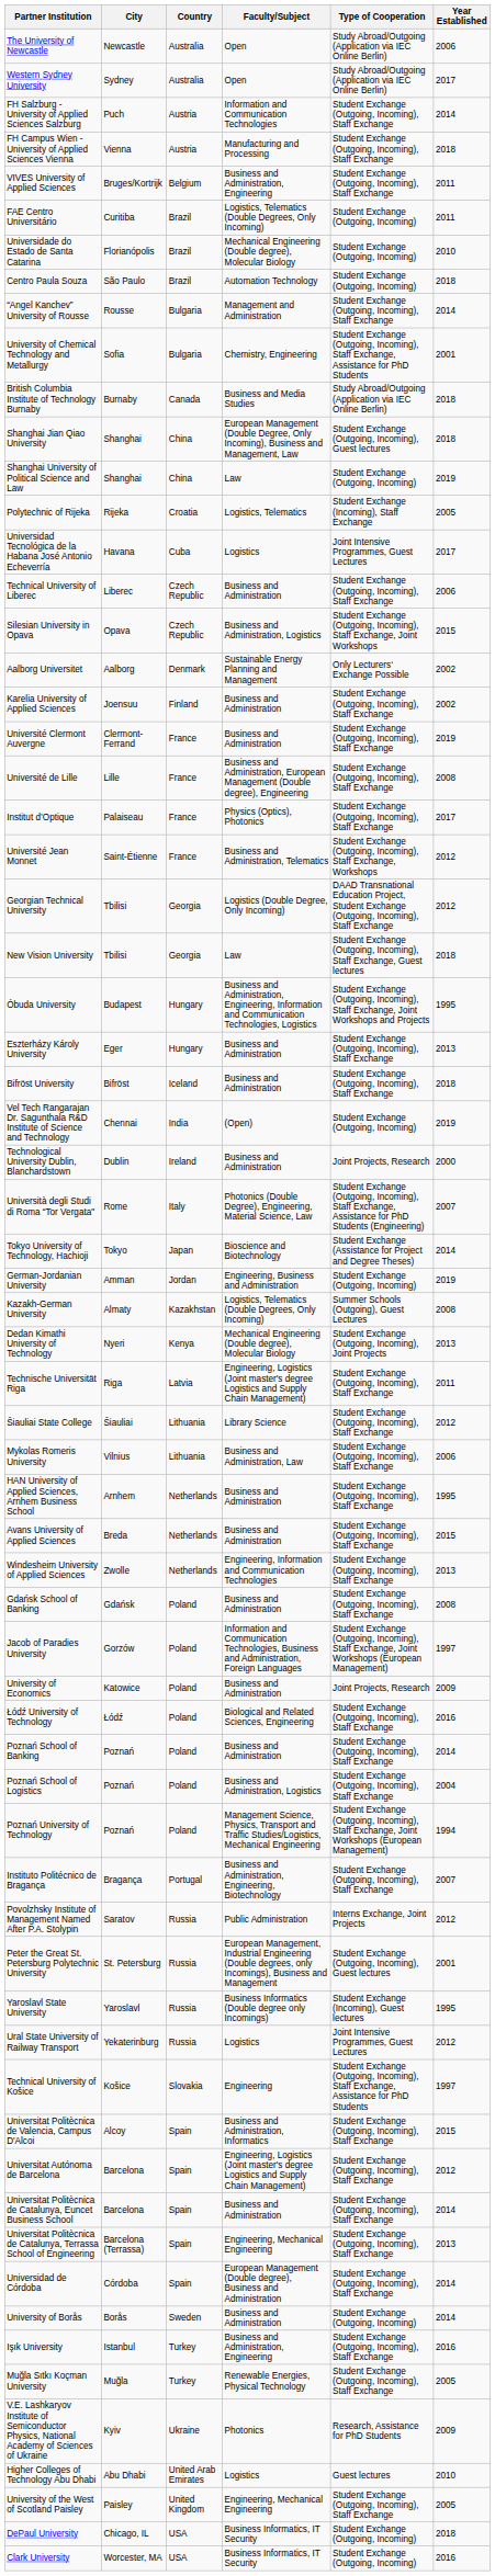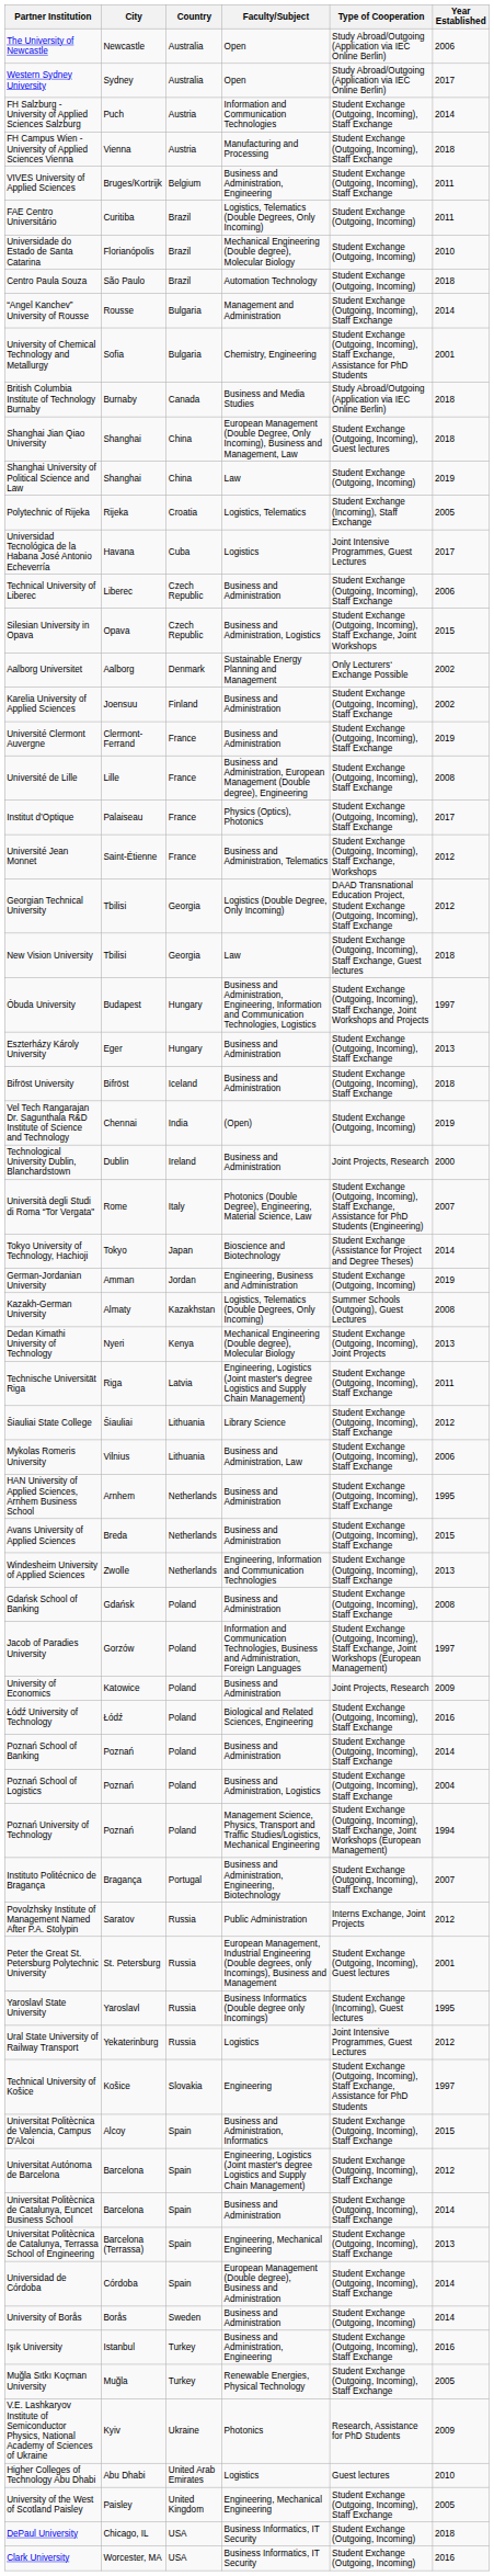 <table class="wikitable sortable">
 <tr>
 <th>Partner Institution</th>
 <th>City</th>
 <th>Country</th>
 <th>Faculty/Subject</th>
 <th>Type of Cooperation</th>
 <th>Year Established</th>
 </tr>
 <tr>
 <td><a href='#'>The University of Newcastle</a></td>
 <td>Newcastle</td>
 <td>Australia</td>
 <td>Open</td>
 <td>Study Abroad/Outgoing (Application via IEC Online Berlin)</td>
 <td>2006</td>
 </tr>
 <tr>
 <td><a href='#'>Western Sydney University</a></td>
 <td>Sydney</td>
 <td>Australia</td>
 <td>Open</td>
 <td>Study Abroad/Outgoing (Application via IEC Online Berlin)</td>
 <td>2017</td>
 </tr>
 <tr>
 <td>FH Salzburg - University of Applied Sciences Salzburg</td>
 <td>Puch</td>
 <td>Austria</td>
 <td>Information and Communication Technologies</td>
 <td>Student Exchange (Outgoing, Incoming), Staff Exchange</td>
 <td>2014</td>
 </tr>
 <tr>
 <td>FH Campus Wien - University of Applied Sciences Vienna</td>
 <td>Vienna</td>
 <td>Austria</td>
 <td>Manufacturing and Processing</td>
 <td>Student Exchange (Outgoing, Incoming), Staff Exchange</td>
 <td>2018</td>
 </tr>
 <tr>
 <td>VIVES University of Applied Sciences</td>
 <td>Bruges/Kortrijk</td>
 <td>Belgium</td>
 <td>Business and Administration, Engineering</td>
 <td>Student Exchange (Outgoing, Incoming), Staff Exchange</td>
 <td>2011</td>
 </tr>
 <tr>
 <td>FAE Centro Universitário</td>
 <td>Curitiba</td>
 <td>Brazil</td>
 <td>Logistics, Telematics (Double Degrees, Only Incoming)</td>
 <td>Student Exchange (Outgoing, Incoming)</td>
 <td>2011</td>
 </tr>
 <tr>
 <td>Universidade do Estado de Santa Catarina</td>
 <td>Florianópolis</td>
 <td>Brazil</td>
 <td>Mechanical Engineering (Double degree), Molecular Biology</td>
 <td>Student Exchange (Outgoing, Incoming)</td>
 <td>2010</td>
 </tr>
 <tr>
 <td>Centro Paula Souza</td>
 <td>São Paulo</td>
 <td>Brazil</td>
 <td>Automation Technology</td>
 <td>Student Exchange (Outgoing, Incoming)</td>
 <td>2018</td>
 </tr>
 <tr>
 <td>“Angel Kanchev” University of Rousse</td>
 <td>Rousse</td>
 <td>Bulgaria</td>
 <td>Management and Administration</td>
 <td>Student Exchange (Outgoing, Incoming), Staff Exchange</td>
 <td>2014</td>
 </tr>
 <tr>
 <td>University of Chemical Technology and Metallurgy</td>
 <td>Sofia</td>
 <td>Bulgaria</td>
 <td>Chemistry, Engineering</td>
 <td>Student Exchange (Outgoing, Incoming), Staff Exchange, Assistance for PhD Students</td>
 <td>2001</td>
 </tr>
 <tr>
 <td>British Columbia Institute of Technology Burnaby</td>
 <td>Burnaby</td>
 <td>Canada</td>
 <td>Business and Media Studies</td>
 <td>Study Abroad/Outgoing (Application via IEC Online Berlin)</td>
 <td>2018</td>
 </tr>
 <tr>
 <td>Shanghai Jian Qiao University</td>
 <td>Shanghai</td>
 <td>China</td>
 <td>European Management (Double Degree, Only Incoming), Business and Management, Law</td>
 <td>Student Exchange (Outgoing, Incoming), Guest lectures</td>
 <td>2018</td>
 </tr>
 <tr>
 <td>Shanghai University of Political Science and Law</td>
 <td>Shanghai</td>
 <td>China</td>
 <td>Law</td>
 <td>Student Exchange (Outgoing, Incoming)</td>
 <td>2019</td>
 </tr>
 <tr>
 <td>Polytechnic of Rijeka</td>
 <td>Rijeka</td>
 <td>Croatia</td>
 <td>Logistics, Telematics</td>
 <td>Student Exchange (Incoming), Staff Exchange</td>
 <td>2005</td>
 </tr>
 <tr>
 <td>Universidad Tecnológica de la Habana José Antonio Echeverría</td>
 <td>Havana</td>
 <td>Cuba</td>
 <td>Logistics</td>
 <td>Joint Intensive Programmes, Guest Lectures</td>
 <td>2017</td>
 </tr>
 <tr>
 <td>Technical University of Liberec</td>
 <td>Liberec</td>
 <td>Czech Republic</td>
 <td>Business and Administration</td>
 <td>Student Exchange (Outgoing, Incoming), Staff Exchange</td>
 <td>2006</td>
 </tr>
 <tr>
 <td>Silesian University in Opava</td>
 <td>Opava</td>
 <td>Czech Republic</td>
 <td>Business and Administration, Logistics</td>
 <td>Student Exchange (Outgoing, Incoming), Staff Exchange, Joint Workshops</td>
 <td>2015</td>
 </tr>
 <tr>
 <td>Aalborg Universitet</td>
 <td>Aalborg</td>
 <td>Denmark</td>
 <td>Sustainable Energy Planning and Management</td>
 <td>Only Lecturers‘ Exchange Possible</td>
 <td>2002</td>
 </tr>
 <tr>
 <td>Karelia University of Applied Sciences</td>
 <td>Joensuu</td>
 <td>Finland</td>
 <td>Business and Administration</td>
 <td>Student Exchange (Outgoing, Incoming), Staff Exchange</td>
 <td>2002</td>
 </tr>
 <tr>
 <td>Université Clermont Auvergne</td>
 <td>Clermont-Ferrand</td>
 <td>France</td>
 <td>Business and Administration</td>
 <td>Student Exchange (Outgoing, Incoming), Staff Exchange</td>
 <td>2019</td>
 </tr>
 <tr>
 <td>Université de Lille</td>
 <td>Lille</td>
 <td>France</td>
 <td>Business and Administration, European Management (Double degree), Engineering</td>
 <td>Student Exchange (Outgoing, Incoming), Staff Exchange</td>
 <td>2008</td>
 </tr>
 <tr>
 <td>Institut d’Optique</td>
 <td>Palaiseau</td>
 <td>France</td>
 <td>Physics (Optics), Photonics</td>
 <td>Student Exchange (Outgoing, Incoming), Staff Exchange</td>
 <td>2017</td>
 </tr>
 <tr>
 <td>Université Jean Monnet</td>
 <td>Saint-Étienne</td>
 <td>France</td>
 <td>Business and Administration, Telematics</td>
 <td>Student Exchange (Outgoing, Incoming), Staff Exchange, Workshops</td>
 <td>2012</td>
 </tr>
 <tr>
 <td>Georgian Technical University</td>
 <td>Tbilisi</td>
 <td>Georgia</td>
 <td>Logistics (Double Degree, Only Incoming)</td>
 <td>DAAD Transnational Education Project, Student Exchange (Outgoing, Incoming), Staff Exchange</td>
 <td>2012</td>
 </tr>
 <tr>
 <td>New Vision University</td>
 <td>Tbilisi</td>
 <td>Georgia</td>
 <td>Law</td>
 <td>Student Exchange (Outgoing, Incoming), Staff Exchange, Guest lectures</td>
 <td>2018</td>
 </tr>
 <tr>
 <td>Óbuda University</td>
 <td>Budapest</td>
 <td>Hungary</td>
 <td>Business and Administration, Engineering, Information and Communication Technologies, Logistics</td>
 <td>Student Exchange (Outgoing, Incoming), Staff Exchange, Joint Workshops and Projects</td>
-<td>1995</td>
+<td>1997</td>
 </tr>
 <tr>
 <td>Eszterházy Károly University</td>
 <td>Eger</td>
 <td>Hungary</td>
 <td>Business and Administration</td>
 <td>Student Exchange (Outgoing, Incoming), Staff Exchange</td>
 <td>2013</td>
 </tr>
 <tr>
 <td>Bifröst University</td>
 <td>Bifröst</td>
 <td>Iceland</td>
 <td>Business and Administration</td>
 <td>Student Exchange (Outgoing, Incoming), Staff Exchange</td>
 <td>2018</td>
 </tr>
 <tr>
 <td>Vel Tech Rangarajan Dr. Sagunthala R&D Institute of Science and Technology</td>
 <td>Chennai</td>
 <td>India</td>
 <td>(Open)</td>
 <td>Student Exchange (Outgoing, Incoming)</td>
 <td>2019</td>
 </tr>
 <tr>
 <td>Technological University Dublin, Blanchardstown</td>
 <td>Dublin</td>
 <td>Ireland</td>
 <td>Business and Administration</td>
 <td>Joint Projects, Research</td>
 <td>2000</td>
 </tr>
 <tr>
 <td>Università degli Studi di Roma “Tor Vergata"</td>
 <td>Rome</td>
 <td>Italy</td>
 <td>Photonics (Double Degree), Engineering, Material Science, Law</td>
 <td>Student Exchange (Outgoing, Incoming), Staff Exchange, Assistance for PhD Students (Engineering)</td>
 <td>2007</td>
 </tr>
 <tr>
 <td>Tokyo University of Technology, Hachioji</td>
 <td>Tokyo</td>
 <td>Japan</td>
 <td>Bioscience and Biotechnology</td>
 <td>Student Exchange (Assistance for Project and Degree Theses)</td>
 <td>2014</td>
 </tr>
 <tr>
 <td>German-Jordanian University</td>
 <td>Amman</td>
 <td>Jordan</td>
 <td>Engineering, Business and Administration</td>
 <td>Student Exchange (Outgoing, Incoming)</td>
 <td>2019</td>
 </tr>
 <tr>
 <td>Kazakh-German University</td>
 <td>Almaty</td>
 <td>Kazakhstan</td>
 <td>Logistics, Telematics (Double Degrees, Only Incoming)</td>
 <td>Summer Schools (Outgoing), Guest Lectures</td>
 <td>2008</td>
 </tr>
 <tr>
 <td>Dedan Kimathi University of Technology</td>
 <td>Nyeri</td>
 <td>Kenya</td>
 <td>Mechanical Engineering (Double degree), Molecular Biology</td>
 <td>Student Exchange (Outgoing, Incoming), Joint Projects</td>
 <td>2013</td>
 </tr>
 <tr>
 <td>Technische Universität Riga</td>
 <td>Riga</td>
 <td>Latvia</td>
 <td>Engineering, Logistics (Joint master's degree Logistics and Supply Chain Management)</td>
 <td>Student Exchange (Outgoing, Incoming), Staff Exchange</td>
 <td>2011</td>
 </tr>
 <tr>
 <td>Šiauliai State College</td>
 <td>Šiauliai</td>
 <td>Lithuania</td>
 <td>Library Science</td>
 <td>Student Exchange (Outgoing, Incoming), Staff Exchange</td>
 <td>2012</td>
 </tr>
 <tr>
 <td>Mykolas Romeris University</td>
 <td>Vilnius</td>
 <td>Lithuania</td>
 <td>Business and Administration, Law</td>
 <td>Student Exchange (Outgoing, Incoming), Staff Exchange</td>
 <td>2006</td>
 </tr>
 <tr>
 <td>HAN University of Applied Sciences, Arnhem Business School</td>
 <td>Arnhem</td>
 <td>Netherlands</td>
 <td>Business and Administration</td>
 <td>Student Exchange (Outgoing, Incoming), Staff Exchange</td>
 <td>1995</td>
 </tr>
 <tr>
 <td>Avans University of Applied Sciences</td>
 <td>Breda</td>
 <td>Netherlands</td>
 <td>Business and Administration</td>
 <td>Student Exchange (Outgoing, Incoming), Staff Exchange</td>
 <td>2015</td>
 </tr>
 <tr>
 <td>Windesheim University of Applied Sciences</td>
 <td>Zwolle</td>
 <td>Netherlands</td>
 <td>Engineering, Information and Communication Technologies</td>
 <td>Student Exchange (Outgoing, Incoming), Staff Exchange</td>
 <td>2013</td>
 </tr>
 <tr>
 <td>Gdańsk School of Banking</td>
 <td>Gdańsk</td>
 <td>Poland</td>
 <td>Business and Administration</td>
 <td>Student Exchange (Outgoing, Incoming), Staff Exchange</td>
 <td>2008</td>
 </tr>
 <tr>
 <td>Jacob of Paradies University</td>
 <td>Gorzów</td>
 <td>Poland</td>
 <td>Information and Communication Technologies, Business and Administration, Foreign Languages</td>
 <td>Student Exchange (Outgoing, Incoming), Staff Exchange, Joint Workshops (European Management)</td>
 <td>1997</td>
 </tr>
 <tr>
 <td>University of Economics</td>
 <td>Katowice</td>
 <td>Poland</td>
 <td>Business and Administration</td>
 <td>Joint Projects, Research</td>
 <td>2009</td>
 </tr>
 <tr>
 <td>Łódź University of Technology</td>
 <td>Łódź</td>
 <td>Poland</td>
 <td>Biological and Related Sciences, Engineering</td>
 <td>Student Exchange (Outgoing, Incoming), Staff Exchange</td>
 <td>2016</td>
 </tr>
 <tr>
 <td>Poznań School of Banking</td>
 <td>Poznań</td>
 <td>Poland</td>
 <td>Business and Administration</td>
 <td>Student Exchange (Outgoing, Incoming), Staff Exchange</td>
 <td>2014</td>
 </tr>
 <tr>
 <td>Poznań School of Logistics</td>
 <td>Poznań</td>
 <td>Poland</td>
 <td>Business and Administration, Logistics</td>
 <td>Student Exchange (Outgoing, Incoming), Staff Exchange</td>
 <td>2004</td>
 </tr>
 <tr>
 <td>Poznań University of Technology</td>
 <td>Poznań</td>
 <td>Poland</td>
 <td>Management Science, Physics, Transport and Traffic Studies/Logistics, Mechanical Engineering</td>
 <td>Student Exchange (Outgoing, Incoming), Staff Exchange, Joint Workshops (European Management)</td>
 <td>1994</td>
 </tr>
 <tr>
 <td>Instituto Politécnico de Bragança</td>
 <td>Bragança</td>
 <td>Portugal</td>
 <td>Business and Administration, Engineering, Biotechnology</td>
 <td>Student Exchange (Outgoing, Incoming), Staff Exchange</td>
 <td>2007</td>
 </tr>
 <tr>
 <td>Povolzhsky Institute of Management Named After P.A. Stolypin</td>
 <td>Saratov</td>
 <td>Russia</td>
 <td>Public Administration</td>
 <td>Interns Exchange, Joint Projects</td>
 <td>2012</td>
 </tr>
 <tr>
 <td>Peter the Great St. Petersburg Polytechnic University</td>
 <td>St. Petersburg</td>
 <td>Russia</td>
 <td>European Management, Industrial Engineering (Double degrees, only Incomings), Business and Management</td>
 <td>Student Exchange (Outgoing, Incoming), Guest lectures</td>
 <td>2001</td>
 </tr>
 <tr>
 <td>Yaroslavl State University</td>
 <td>Yaroslavl</td>
 <td>Russia</td>
 <td>Business Informatics (Double degree only Incomings)</td>
 <td>Student Exchange (Incoming), Guest lectures</td>
 <td>1995</td>
 </tr>
 <tr>
 <td>Ural State University of Railway Transport</td>
 <td>Yekaterinburg</td>
 <td>Russia</td>
 <td>Logistics</td>
 <td>Joint Intensive Programmes, Guest Lectures</td>
 <td>2012</td>
 </tr>
 <tr>
 <td>Technical University of Košice</td>
 <td>Košice</td>
 <td>Slovakia</td>
 <td>Engineering</td>
 <td>Student Exchange (Outgoing, Incoming), Staff Exchange, Assistance for PhD Students</td>
 <td>1997</td>
 </tr>
 <tr>
 <td>Universitat Politècnica de Valencia, Campus D'Alcoi</td>
 <td>Alcoy</td>
 <td>Spain</td>
 <td>Business and Administration, Informatics</td>
 <td>Student Exchange (Outgoing, Incoming), Staff Exchange</td>
 <td>2015</td>
 </tr>
 <tr>
 <td>Universitat Autónoma de Barcelona</td>
 <td>Barcelona</td>
 <td>Spain</td>
 <td>Engineering, Logistics (Joint master's degree Logistics and Supply Chain Management)</td>
 <td>Student Exchange (Outgoing, Incoming), Staff Exchange</td>
 <td>2012</td>
 </tr>
 <tr>
 <td>Universitat Politècnica de Catalunya, Euncet Business School</td>
 <td>Barcelona</td>
 <td>Spain</td>
 <td>Business and Administration</td>
 <td>Student Exchange (Outgoing, Incoming), Staff Exchange</td>
 <td>2014</td>
 </tr>
 <tr>
 <td>Universitat Politècnica de Catalunya, Terrassa School of Engineering</td>
 <td>Barcelona (Terrassa)</td>
 <td>Spain</td>
 <td>Engineering, Mechanical Engineering</td>
 <td>Student Exchange (Outgoing, Incoming), Staff Exchange</td>
 <td>2013</td>
 </tr>
 <tr>
 <td>Universidad de Córdoba</td>
 <td>Córdoba</td>
 <td>Spain</td>
 <td>European Management (Double degree), Business and Administration</td>
 <td>Student Exchange (Outgoing, Incoming), Staff Exchange</td>
 <td>2014</td>
 </tr>
 <tr>
 <td>University of Borås</td>
 <td>Borås</td>
 <td>Sweden</td>
 <td>Business and Administration</td>
 <td>Student Exchange (Outgoing, Incoming)</td>
 <td>2014</td>
 </tr>
 <tr>
 <td>Işık University</td>
 <td>Istanbul</td>
 <td>Turkey</td>
 <td>Business and Administration, Engineering</td>
 <td>Student Exchange (Outgoing, Incoming), Staff Exchange</td>
 <td>2016</td>
 </tr>
 <tr>
 <td>Muğla Sıtkı Koçman University</td>
 <td>Muğla</td>
 <td>Turkey</td>
 <td>Renewable Energies, Physical Technology</td>
 <td>Student Exchange (Outgoing, Incoming), Staff Exchange</td>
 <td>2005</td>
 </tr>
 <tr>
 <td>V.E. Lashkaryov Institute of Semiconductor Physics, National Academy of Sciences of Ukraine</td>
 <td>Kyiv</td>
 <td>Ukraine</td>
 <td>Photonics</td>
 <td>Research, Assistance for PhD Students</td>
 <td>2009</td>
 </tr>
 <tr>
 <td>Higher Colleges of Technology Abu Dhabi</td>
 <td>Abu Dhabi</td>
 <td>United Arab Emirates</td>
 <td>Logistics</td>
 <td>Guest lectures</td>
 <td>2010</td>
 </tr>
 <tr>
 <td>University of the West of Scotland Paisley</td>
 <td>Paisley</td>
 <td>United Kingdom</td>
 <td>Engineering, Mechanical Engineering</td>
 <td>Student Exchange (Outgoing, Incoming), Staff Exchange</td>
 <td>2005</td>
 </tr>
 <tr>
 <td><a href='#'>DePaul University</a></td>
 <td>Chicago, IL</td>
 <td>USA</td>
 <td>Business Informatics, IT Security</td>
 <td>Student Exchange (Outgoing, Incoming)</td>
 <td>2018</td>
 </tr>
 <tr>
 <td><a href='#'>Clark University</a></td>
 <td>Worcester, MA</td>
 <td>USA</td>
 <td>Business Informatics, IT Security</td>
 <td>Student Exchange (Outgoing, Incoming)</td>
 <td>2016</td>
 </tr>
 </table>
